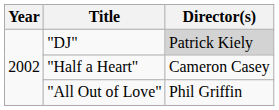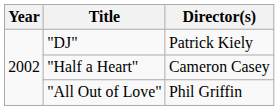 <table class="wikitable">
 <tr>
 <th>Year</th>
 <th>Title</th>
 <th>Director(s)</th>
 </tr>
 <tr>
 <td rowspan="3">2002</td>
 <td>"DJ"</td>
-<td style="background: lightgrey;">Patrick Kiely</td>
+<td>Patrick Kiely</td>
 </tr>
 <tr>
 <td>"Half a Heart"</td>
 <td>Cameron Casey</td>
 </tr>
 <tr>
 <td>"All Out of Love"</td>
 <td>Phil Griffin</td>
 </tr>
 </table>
